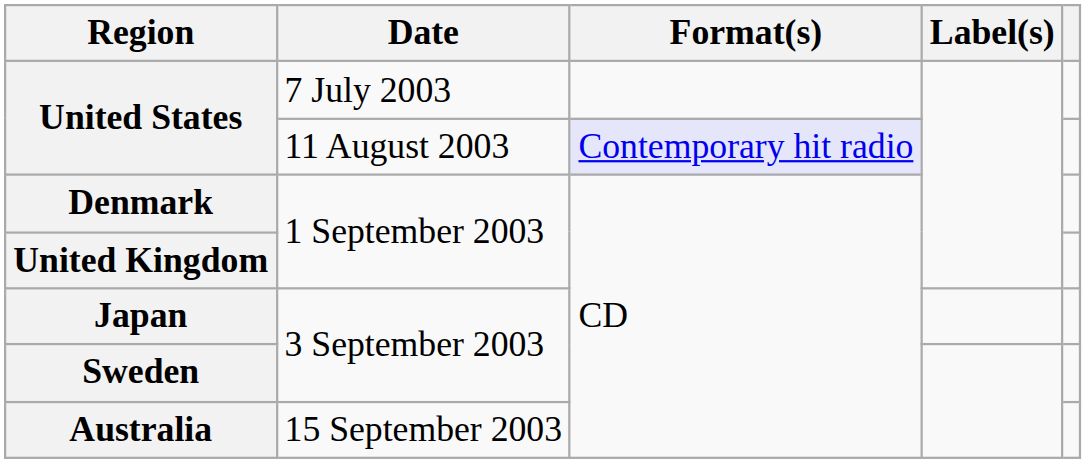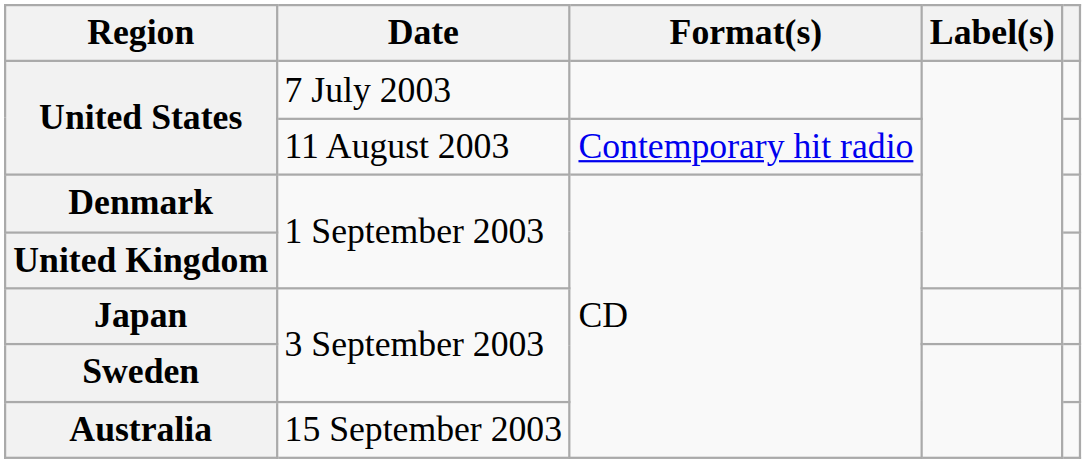 <table class="wikitable plainrowheaders">
 <tr>
 <th scope="col">Region</th>
 <th scope="col">Date</th>
 <th scope="col">Format(s)</th>
 <th scope="col">Label(s)</th>
 <th scope="col"></th>
 </tr>
 <tr>
 <th scope="row" rowspan="2">United States</th>
 <td>7 July 2003</td>
 <td></td>
 <td rowspan="4"></td>
 <td align="center"></td>
 </tr>
 <tr>
 <td>11 August 2003</td>
-<td style="background: lavender;"><a href='#'>Contemporary hit radio</a></td>
+<td><a href='#'>Contemporary hit radio</a></td>
 <td align="center"></td>
 </tr>
 <tr>
 <th scope="row">Denmark</th>
 <td rowspan="2">1 September 2003</td>
 <td rowspan="5">CD</td>
 <td align="center"></td>
 </tr>
 <tr>
 <th scope="row">United Kingdom</th>
 <td align="center"></td>
 </tr>
 <tr>
 <th scope="row">Japan</th>
 <td rowspan="2">3 September 2003</td>
 <td></td>
 <td align="center"></td>
 </tr>
 <tr>
 <th scope="row">Sweden</th>
 <td rowspan="2"></td>
 <td align="center"></td>
 </tr>
 <tr>
 <th scope="row">Australia</th>
 <td>15 September 2003</td>
 <td align="center"></td>
 </tr>
 </table>
